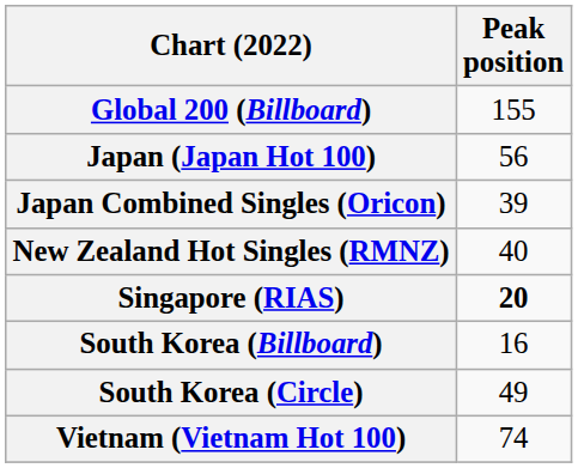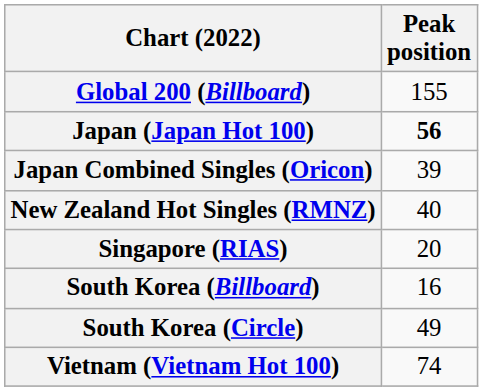 <table class="wikitable sortable plainrowheaders" style="text-align:center">
 <tr>
 <th scope="col">Chart (2022)</th>
 <th scope="col">Peak<br>position</th>
 </tr>
 <tr>
 <th scope="row"><a href='#'>Global 200</a> (<em><a href='#'>Billboard</a></em>)</th>
 <td>155</td>
 </tr>
 <tr>
 <th scope="row">Japan (<a href='#'>Japan Hot 100</a>)</th>
-<td>56</td>
+<td><strong>56</strong></td>
 </tr>
 <tr>
 <th scope="row">Japan Combined Singles (<a href='#'>Oricon</a>)</th>
 <td>39</td>
 </tr>
 <tr>
 <th scope="row">New Zealand Hot Singles (<a href='#'>RMNZ</a>)</th>
 <td>40</td>
 </tr>
 <tr>
 <th scope="row">Singapore (<a href='#'>RIAS</a>)</th>
-<td><strong>20</strong></td>
+<td>20</td>
 </tr>
 <tr>
 <th scope="row">South Korea (<em><a href='#'>Billboard</a></em>)</th>
 <td>16</td>
 </tr>
 <tr>
 <th scope="row">South Korea (<a href='#'>Circle</a>)</th>
 <td>49</td>
 </tr>
 <tr>
 <th scope="row">Vietnam (<a href='#'>Vietnam Hot 100</a>)</th>
 <td>74</td>
 </tr>
 </table>
